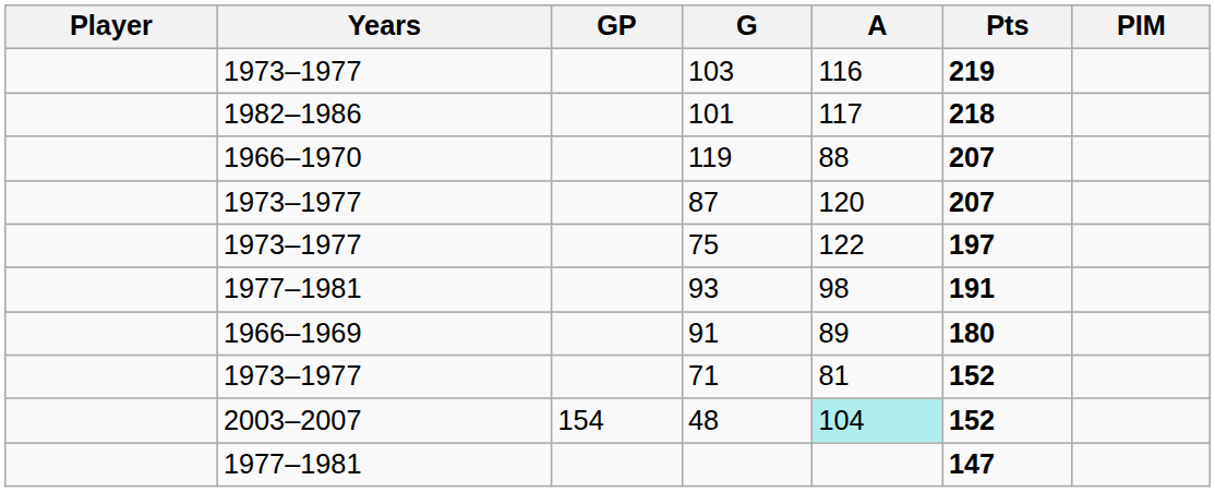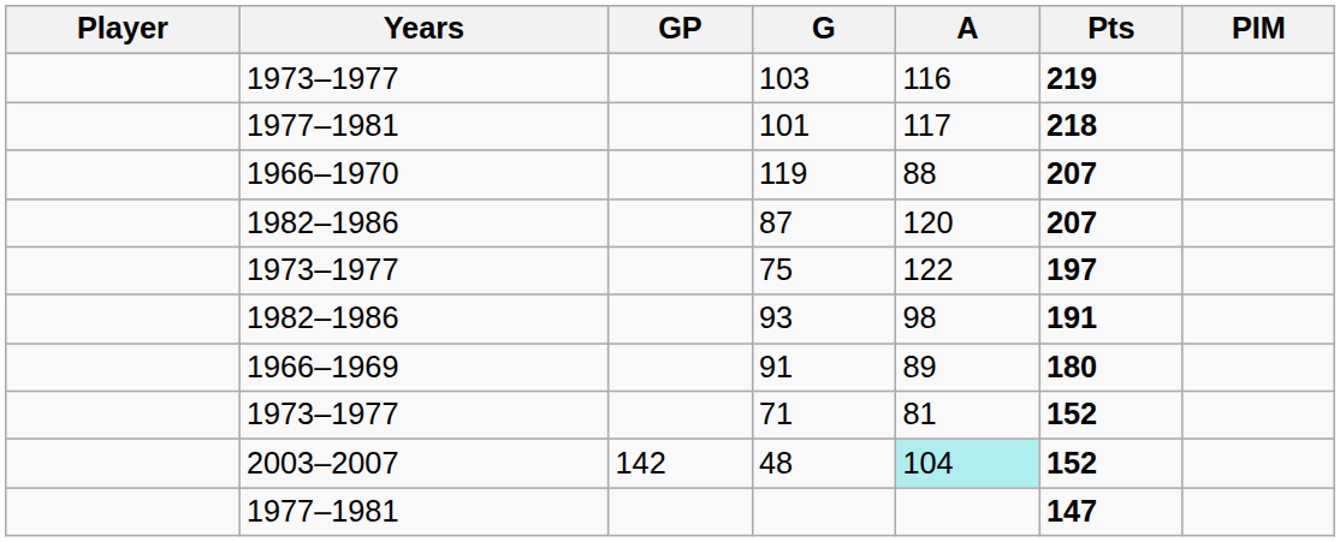 <table class="wikitable sortable" width ="700" cellpadding="1" border="1" cellspacing="0">
 <tr>
 <th>Player</th>
 <th>Years</th>
 <th>GP</th>
 <th>G</th>
 <th>A</th>
 <th>Pts</th>
 <th>PIM</th>
 </tr>
 <tr>
 <td></td>
 <td>1973–1977</td>
 <td></td>
 <td>103</td>
 <td>116</td>
 <td><strong>219</strong></td>
 <td></td>
 </tr>
 <tr>
 <td></td>
-<td>1982–1986</td>
+<td>1977–1981</td>
 <td></td>
 <td>101</td>
 <td>117</td>
 <td><strong>218</strong></td>
 <td></td>
 </tr>
 <tr>
 <td></td>
 <td>1966–1970</td>
 <td></td>
 <td>119</td>
 <td>88</td>
 <td><strong>207</strong></td>
 <td></td>
 </tr>
 <tr>
 <td></td>
-<td>1973–1977</td>
+<td>1982–1986</td>
 <td></td>
 <td>87</td>
 <td>120</td>
 <td><strong>207</strong></td>
 <td></td>
 </tr>
 <tr>
 <td></td>
 <td>1973–1977</td>
 <td></td>
 <td>75</td>
 <td>122</td>
 <td><strong>197</strong></td>
 <td></td>
 </tr>
 <tr>
 <td></td>
-<td>1977–1981</td>
+<td>1982–1986</td>
 <td></td>
 <td>93</td>
 <td>98</td>
 <td><strong>191</strong></td>
 <td></td>
 </tr>
 <tr>
 <td></td>
 <td>1966–1969</td>
 <td></td>
 <td>91</td>
 <td>89</td>
 <td><strong>180</strong></td>
 <td></td>
 </tr>
 <tr>
 <td></td>
 <td>1973–1977</td>
 <td></td>
 <td>71</td>
 <td>81</td>
 <td><strong>152</strong></td>
 <td></td>
 </tr>
 <tr>
 <td></td>
 <td>2003–2007</td>
-<td>154</td>
+<td>142</td>
 <td>48</td>
 <td style="background: paleturquoise;">104</td>
 <td><strong>152</strong></td>
 <td></td>
 </tr>
 <tr>
 <td></td>
 <td>1977–1981</td>
 <td></td>
 <td></td>
 <td></td>
 <td><strong>147</strong></td>
 <td></td>
 </tr>
 </table>
